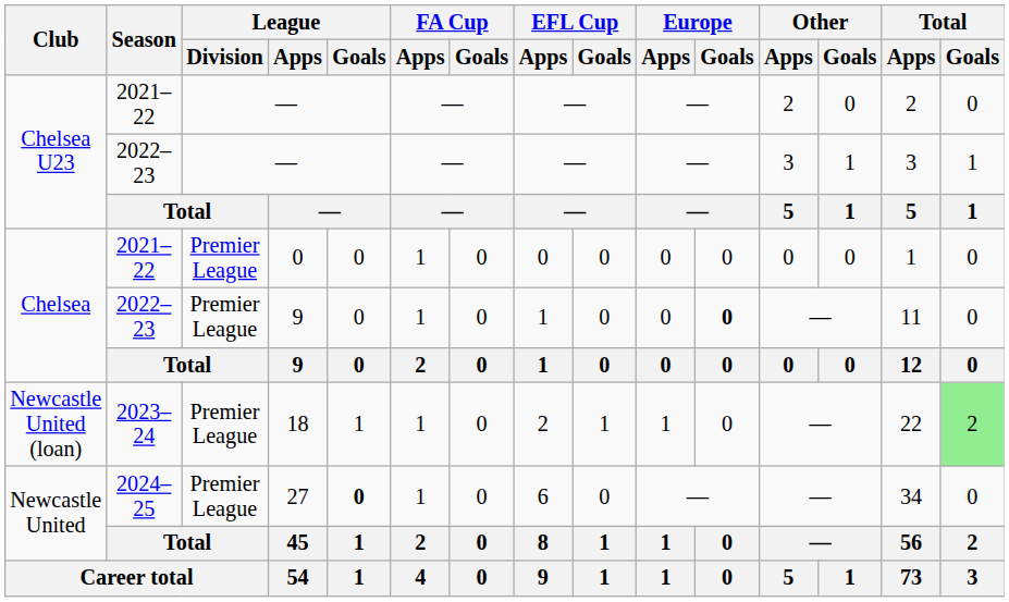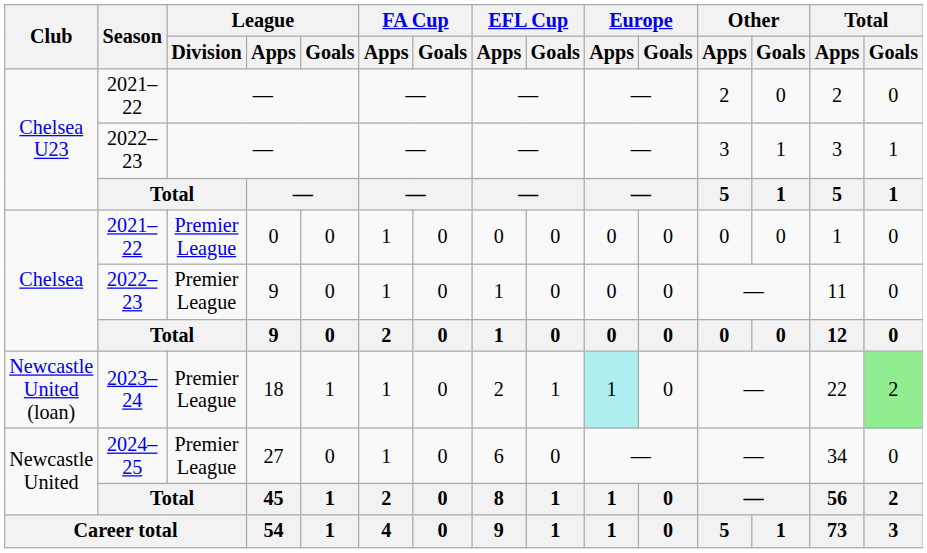 <table class="wikitable" style="text-align: center;">
 <tr>
 <th rowspan=2>Club</th>
 <th rowspan=2>Season</th>
 <th colspan=3>League</th>
 <th colspan=2><a href='#'>FA Cup</a></th>
 <th colspan=2><a href='#'>EFL Cup</a></th>
 <th colspan=2><a href='#'>Europe</a></th>
 <th colspan=2>Other</th>
 <th colspan=2>Total</th>
 </tr>
 <tr>
 <th>Division</th>
 <th>Apps</th>
 <th>Goals</th>
 <th>Apps</th>
 <th>Goals</th>
 <th>Apps</th>
 <th>Goals</th>
 <th>Apps</th>
 <th>Goals</th>
 <th>Apps</th>
 <th>Goals</th>
 <th>Apps</th>
 <th>Goals</th>
 </tr>
 <tr>
 <td rowspan=3><a href='#'>Chelsea U23</a></td>
 <td>2021–22</td>
 <td colspan=3>—</td>
 <td colspan=2>—</td>
 <td colspan=2>—</td>
 <td colspan=2>—</td>
 <td>2</td>
 <td>0</td>
 <td>2</td>
 <td>0</td>
 </tr>
 <tr>
 <td>2022–23</td>
 <td colspan=3>—</td>
 <td colspan=2>—</td>
 <td colspan=2>—</td>
 <td colspan=2>—</td>
 <td>3</td>
 <td>1</td>
 <td>3</td>
 <td>1</td>
 </tr>
 <tr>
 <th colspan=2>Total</th>
 <th colspan=2>—</th>
 <th colspan=2>—</th>
 <th colspan=2>—</th>
 <th colspan=2>—</th>
 <th>5</th>
 <th>1</th>
 <th>5</th>
 <th>1</th>
 </tr>
 <tr>
 <td rowspan=3><a href='#'>Chelsea</a></td>
 <td><a href='#'>2021–22</a></td>
 <td><a href='#'>Premier League</a></td>
 <td>0</td>
 <td>0</td>
 <td>1</td>
 <td>0</td>
 <td>0</td>
 <td>0</td>
 <td>0</td>
 <td>0</td>
 <td>0</td>
 <td>0</td>
 <td>1</td>
 <td>0</td>
 </tr>
 <tr>
 <td><a href='#'>2022–23</a></td>
 <td>Premier League</td>
 <td>9</td>
 <td>0</td>
 <td>1</td>
 <td>0</td>
 <td>1</td>
 <td>0</td>
 <td>0</td>
-<td><strong>0</strong></td>
+<td>0</td>
 <td colspan=2>—</td>
 <td>11</td>
 <td>0</td>
 </tr>
 <tr>
 <th colspan=2>Total</th>
 <th>9</th>
 <th>0</th>
 <th>2</th>
 <th>0</th>
 <th>1</th>
 <th>0</th>
 <th>0</th>
 <th>0</th>
 <th>0</th>
 <th>0</th>
 <th>12</th>
 <th>0</th>
 </tr>
 <tr>
 <td><a href='#'>Newcastle United</a> (loan)</td>
 <td><a href='#'>2023–24</a></td>
 <td>Premier League</td>
 <td>18</td>
 <td>1</td>
 <td>1</td>
 <td>0</td>
 <td>2</td>
 <td>1</td>
-<td>1</td>
+<td style="background: paleturquoise;">1</td>
 <td>0</td>
 <td colspan=2>—</td>
 <td>22</td>
 <td style="background: lightgreen;">2</td>
 </tr>
 <tr>
 <td rowspan=2>Newcastle United</td>
 <td><a href='#'>2024–25</a></td>
 <td>Premier League</td>
 <td>27</td>
-<td><strong>0</strong></td>
+<td>0</td>
 <td>1</td>
 <td>0</td>
 <td>6</td>
 <td>0</td>
 <td colspan=2>—</td>
 <td colspan=2>—</td>
 <td>34</td>
 <td>0</td>
 </tr>
 <tr>
 <th colspan=2>Total</th>
 <th>45</th>
 <th>1</th>
 <th>2</th>
 <th>0</th>
 <th>8</th>
 <th>1</th>
 <th>1</th>
 <th>0</th>
 <th colspan=2>—</th>
 <th>56</th>
 <th>2</th>
 </tr>
 <tr>
 <th colspan=3>Career total</th>
 <th>54</th>
 <th>1</th>
 <th>4</th>
 <th>0</th>
 <th>9</th>
 <th>1</th>
 <th>1</th>
 <th>0</th>
 <th>5</th>
 <th>1</th>
 <th>73</th>
 <th>3</th>
 </tr>
 </table>
